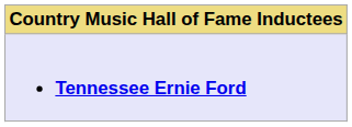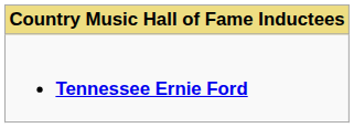 <table class="wikitable">
 <tr>
 <th style="background:#EEDD82; width=50%">Country Music Hall of Fame Inductees</th>
 </tr>
 <tr>
-<td valign="top" style="background: lavender;"><br><ul><li><strong><a href='#'>Tennessee Ernie Ford</a></strong></li></ul></td>
+<td valign="top"><br><ul><li><strong><a href='#'>Tennessee Ernie Ford</a></strong></li></ul></td>
 </tr>
 </table>
